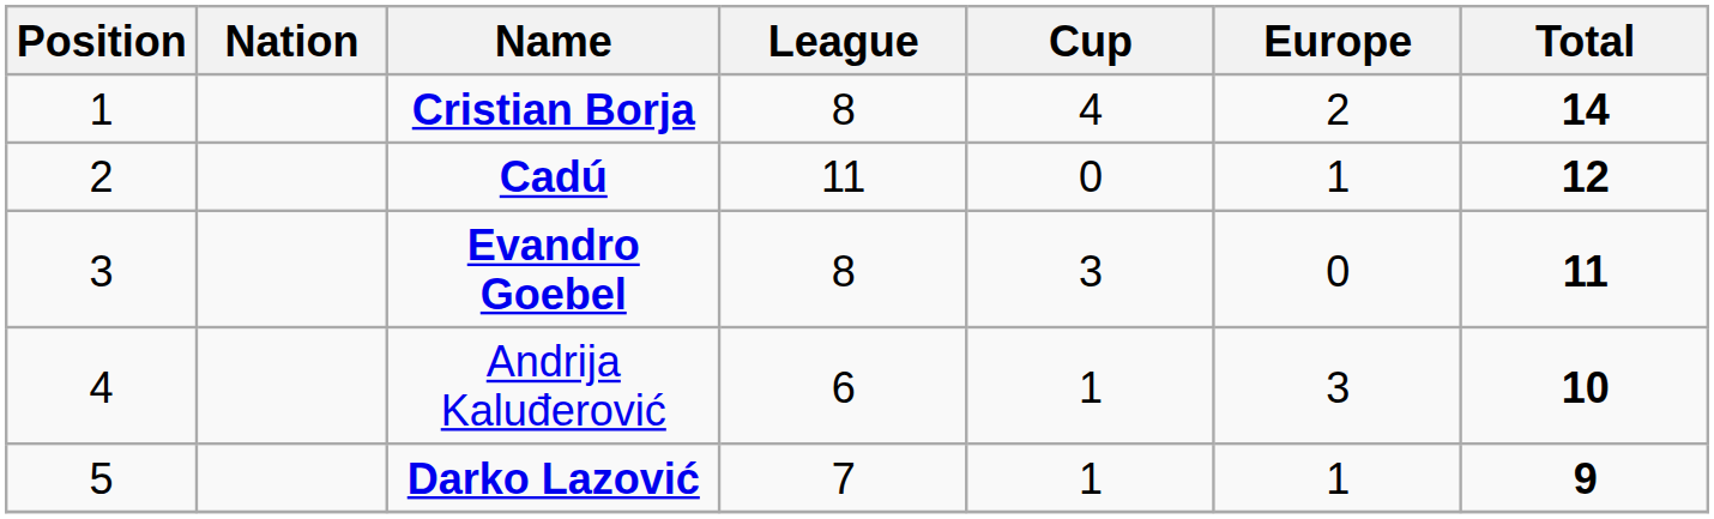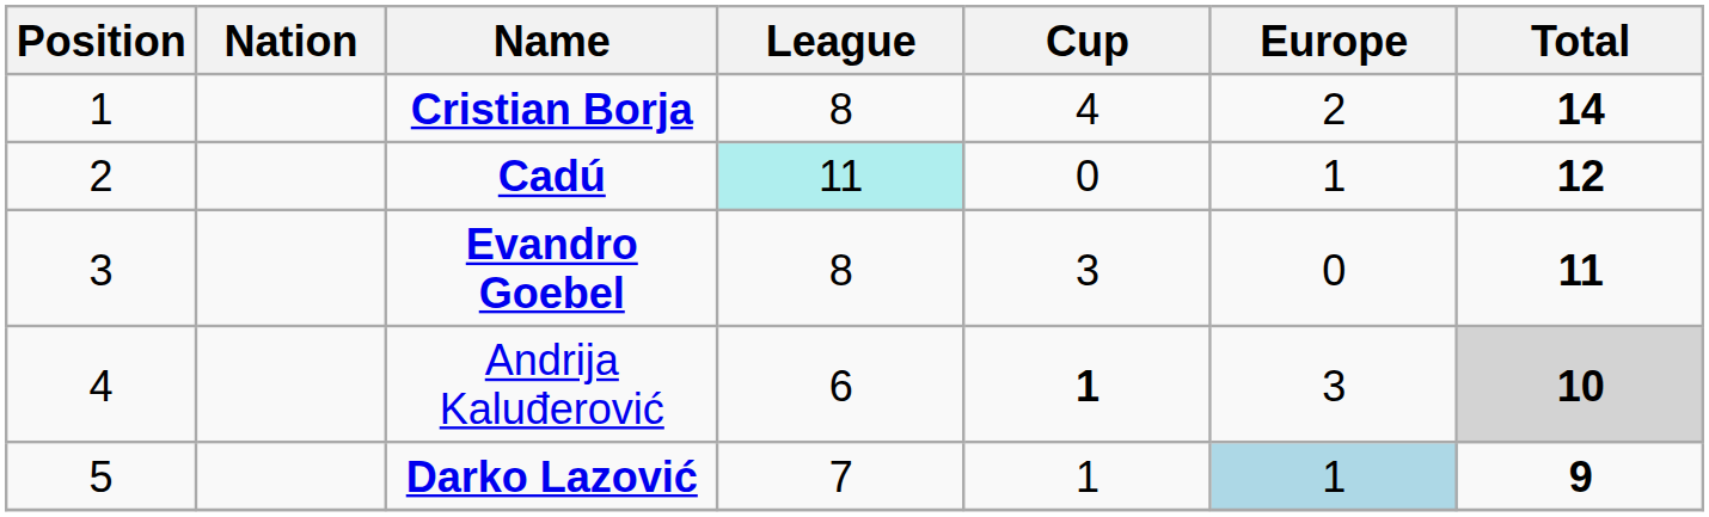 <table class="wikitable" style="font-size: 95%; text-align: center;">
 <tr>
 <th width=60>Position</th>
 <th width=60>Nation</th>
 <th width=110>Name</th>
 <th width=80>League</th>
 <th width=80>Cup</th>
 <th width=80>Europe</th>
 <th width=80>Total</th>
 </tr>
 <tr>
 <td>1</td>
 <td></td>
 <td><strong><a href='#'>Cristian Borja</a></strong></td>
 <td>8</td>
 <td>4</td>
 <td>2</td>
 <td><strong>14</strong></td>
 </tr>
 <tr>
 <td>2</td>
 <td></td>
 <td><strong><a href='#'>Cadú</a></strong></td>
-<td>11</td>
+<td style="background: paleturquoise;">11</td>
 <td>0</td>
 <td>1</td>
 <td><strong>12</strong></td>
 </tr>
 <tr>
 <td>3</td>
 <td></td>
 <td><strong><a href='#'>Evandro Goebel</a></strong></td>
 <td>8</td>
 <td>3</td>
 <td>0</td>
 <td><strong>11</strong></td>
 </tr>
 <tr>
 <td>4</td>
 <td></td>
 <td><a href='#'>Andrija Kaluđerović</a></td>
 <td>6</td>
-<td>1</td>
+<td><strong>1</strong></td>
 <td>3</td>
-<td><strong>10</strong></td>
+<td style="background: lightgrey;"><strong>10</strong></td>
 </tr>
 <tr>
 <td>5</td>
 <td></td>
 <td><strong><a href='#'>Darko Lazović</a></strong></td>
 <td>7</td>
 <td>1</td>
-<td>1</td>
+<td style="background: lightblue;">1</td>
 <td><strong>9</strong></td>
 </tr>
 <tr>
 </tr>
 </table>
